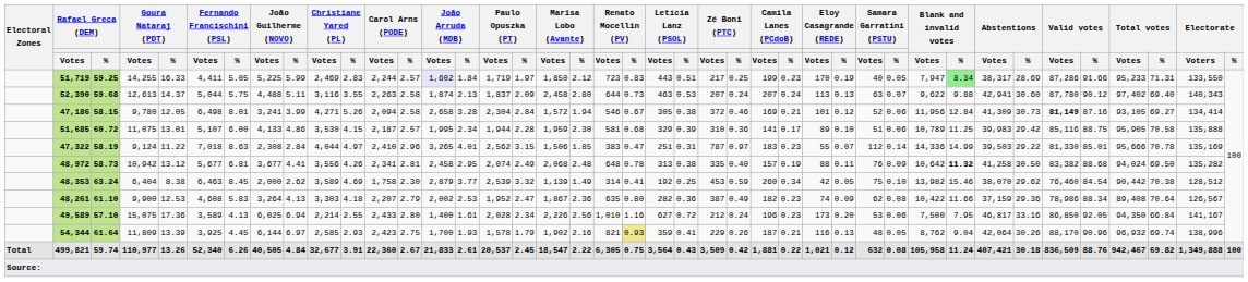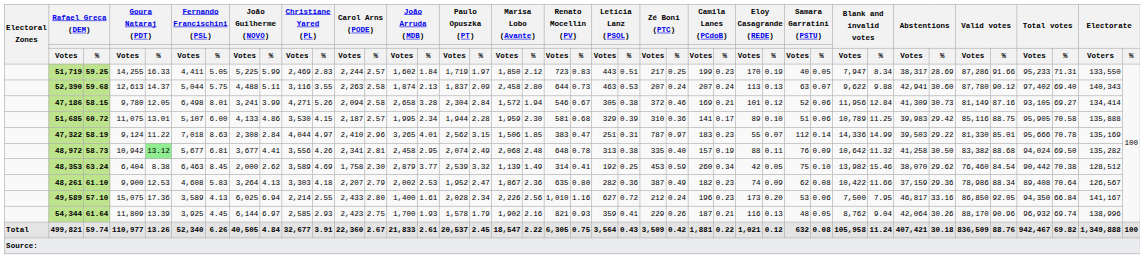 <table class="wikitable sortable collapsible collapsed mw-datatable" style="text-align:right; font-size:95%; line-height:20px">
 <tr>
 <th rowspan="3" width="200">Electoral Zones</th>
 <th colspan="2" width="110"><a href='#'>Rafael Greca</a> <br>(<a href='#'>DEM</a>)</th>
 <th colspan="2" width="110"><a href='#'>Goura Nataraj</a> <br>(<a href='#'>PDT</a>)</th>
 <th colspan="2" width="110"><a href='#'>Fernando Francischini</a> <br>(<a href='#'>PSL</a>)</th>
 <th colspan="2" width="110">João Guilherme <br>(<a href='#'>NOVO</a>)</th>
 <th colspan="2" width="110"><a href='#'>Christiane Yared</a> <br>(<a href='#'>PL</a>)</th>
 <th colspan="2" width="110">Carol Arns <br>(<a href='#'>PODE</a>)</th>
 <th colspan="2" width="110"><a href='#'>João Arruda</a> <br>(<a href='#'>MDB</a>)</th>
 <th colspan="2" width="110">Paulo Opuszka <br>(<a href='#'>PT</a>)</th>
 <th colspan="2" width="110">Marisa Lobo <br>(<a href='#'>Avante</a>)</th>
 <th colspan="2" width="110">Renato Mocellin <br>(<a href='#'>PV</a>)</th>
 <th colspan="2" width="110">Letícia Lanz <br>(<a href='#'>PSOL</a>)</th>
 <th colspan="2" width="110">Zé Boni <br>(<a href='#'>PTC</a>)</th>
 <th colspan="2" width="110">Camila Lanes <br>(<a href='#'>PCdoB</a>)</th>
 <th colspan="2" width="110">Eloy Casagrande <br>(<a href='#'>REDE</a>)</th>
 <th colspan="2" width="110">Samara Garratini <br>(<a href='#'>PSTU</a>)</th>
 <th colspan="2" rowspan="2" width="110">Blank and invalid votes</th>
 <th colspan="2" rowspan="2" width="110">Abstentions</th>
 <th colspan="2" rowspan="2">Valid votes</th>
 <th colspan="2" rowspan="2">Total votes</th>
 <th colspan="2" rowspan="2">Electorate</th>
 </tr>
 <tr>
 <th colspan="2" style="background:"></th>
 <th colspan="2" style="background-color:"></th>
 <th colspan="2" style="background-color:"></th>
 <th colspan="2" style="background-color:"></th>
 <th colspan="2" style="background-color:"></th>
 <th colspan="2" style="background-color:"></th>
 <th colspan="2" style="background-color:"></th>
 <th colspan="2" style="background-color:"></th>
 <th colspan="2" style="background-color:"></th>
 <th colspan="2" style="background-color:"></th>
 <th colspan="2" style="background-color:"></th>
 <th colspan="2" style="background-color:"></th>
 <th colspan="2" style="background-color:"></th>
 <th colspan="2" style="background-color:"></th>
 <th colspan="2" style="background-color:"></th>
 </tr>
 <tr>
 <th>Votes</th>
 <th>%</th>
 <th>Votes</th>
 <th>%</th>
 <th>Votes</th>
 <th>%</th>
 <th>Votes</th>
 <th>%</th>
 <th>Votes</th>
 <th>%</th>
 <th>Votes</th>
 <th>%</th>
 <th>Votes</th>
 <th>%</th>
 <th>Votes</th>
 <th>%</th>
 <th>Votes</th>
 <th>%</th>
 <th>Votes</th>
 <th>%</th>
 <th>Votes</th>
 <th>%</th>
 <th>Votes</th>
 <th>%</th>
 <th>Votes</th>
 <th>%</th>
 <th>Votes</th>
 <th>%</th>
 <th>Votes</th>
 <th>%</th>
 <th>Votes</th>
 <th>%</th>
 <th>Votes</th>
 <th>%</th>
 <th>Votes</th>
 <th>%</th>
 <th>Votes</th>
 <th>%</th>
 <th>Voters</th>
 <th>%</th>
 </tr>
 <tr>
 <td align="left"><strong></strong></td>
 <td style="background:#bee38d;"><strong>51,719</strong></td>
 <td style="background:#bee38d;"><strong>59.25</strong></td>
 <td>14,255</td>
 <td>16.33</td>
 <td>4,411</td>
 <td>5.05</td>
 <td>5,225</td>
 <td>5.99</td>
 <td>2,469</td>
 <td>2.83</td>
 <td>2,244</td>
 <td>2.57</td>
-<td style="background: lavender;">1,602</td>
+<td>1,602</td>
 <td>1.84</td>
 <td>1,719</td>
 <td>1.97</td>
 <td>1,850</td>
 <td>2.12</td>
 <td>723</td>
 <td>0.83</td>
 <td>443</td>
 <td>0.51</td>
 <td>217</td>
 <td>0.25</td>
 <td>199</td>
 <td>0.23</td>
 <td>170</td>
 <td>0.19</td>
 <td>40</td>
 <td>0.05</td>
 <td>7,947</td>
-<td style="background: lightgreen;">8.34</td>
+<td>8.34</td>
 <td>38,317</td>
 <td>28.69</td>
 <td>87,286</td>
 <td>91.66</td>
 <td>95,233</td>
 <td>71.31</td>
 <td>133,550</td>
 <td rowspan="10">100</td>
 </tr>
 <tr>
 <td align="left"><strong></strong></td>
 <td style="background:#bee38d;"><strong>52,390</strong></td>
 <td style="background:#bee38d;"><strong>59.68</strong></td>
 <td>12,613</td>
 <td>14.37</td>
 <td>5,044</td>
 <td>5.75</td>
 <td>4,488</td>
 <td>5.11</td>
 <td>3,116</td>
 <td>3.55</td>
 <td>2,263</td>
 <td>2.58</td>
 <td>1,874</td>
 <td>2.13</td>
 <td>1,837</td>
 <td>2.09</td>
 <td>2,458</td>
 <td>2.80</td>
 <td>644</td>
 <td>0.73</td>
 <td>463</td>
 <td>0.53</td>
 <td>207</td>
 <td>0.24</td>
 <td>207</td>
 <td>0.24</td>
 <td>113</td>
 <td>0.13</td>
 <td>63</td>
 <td>0.07</td>
 <td>9,622</td>
 <td>9.88</td>
 <td>42,941</td>
 <td>30.60</td>
 <td>87,780</td>
 <td>90.12</td>
 <td>97,402</td>
 <td>69.40</td>
 <td>140,343</td>
 </tr>
 <tr>
 <td align="left"><strong></strong></td>
 <td style="background:#bee38d;"><strong>47,186</strong></td>
 <td style="background:#bee38d;"><strong>58.15</strong></td>
 <td>9,780</td>
 <td>12.05</td>
 <td>6,498</td>
 <td>8.01</td>
 <td>3,241</td>
 <td>3.99</td>
 <td>4,271</td>
 <td>5.26</td>
 <td>2,094</td>
 <td>2.58</td>
 <td>2,658</td>
 <td>3.28</td>
 <td>2,304</td>
 <td>2.84</td>
 <td>1,572</td>
 <td>1.94</td>
 <td>546</td>
 <td>0.67</td>
 <td>305</td>
 <td>0.38</td>
 <td>372</td>
 <td>0.46</td>
 <td>169</td>
 <td>0.21</td>
 <td>101</td>
 <td>0.12</td>
 <td>52</td>
 <td>0.06</td>
 <td>11,956</td>
 <td>12.84</td>
 <td>41,309</td>
 <td>30.73</td>
-<td><strong>81,149</strong></td>
+<td>81,149</td>
 <td>87.16</td>
 <td>93,105</td>
 <td>69.27</td>
 <td>134,414</td>
 </tr>
 <tr>
 <td align="left"><strong></strong></td>
 <td style="background:#bee38d;"><strong>51,685</strong></td>
 <td style="background:#bee38d;"><strong>60.72</strong></td>
 <td>11,075</td>
 <td>13.01</td>
 <td>5,107</td>
 <td>6.00</td>
 <td>4,133</td>
 <td>4.86</td>
 <td>3,530</td>
 <td>4.15</td>
 <td>2,187</td>
 <td>2.57</td>
 <td>1,995</td>
 <td>2.34</td>
 <td>1,944</td>
 <td>2.28</td>
 <td>1,959</td>
 <td>2.30</td>
 <td>581</td>
 <td>0.68</td>
 <td>329</td>
 <td>0.39</td>
 <td>310</td>
 <td>0.36</td>
 <td>141</td>
 <td>0.17</td>
 <td>89</td>
 <td>0.10</td>
 <td>51</td>
 <td>0.06</td>
 <td>10,789</td>
 <td>11.25</td>
 <td>39,983</td>
 <td>29.42</td>
 <td>85,116</td>
 <td>88.75</td>
 <td>95,905</td>
 <td>70.58</td>
 <td>135,888</td>
 </tr>
 <tr>
 <td align="left"><strong></strong></td>
 <td style="background:#bee38d;"><strong>47,322</strong></td>
 <td style="background:#bee38d;"><strong>58.19</strong></td>
 <td>9,124</td>
 <td>11.22</td>
 <td>7,018</td>
 <td>8.63</td>
 <td>2,308</td>
 <td>2.84</td>
 <td>4,044</td>
 <td>4.97</td>
 <td>2,410</td>
 <td>2.96</td>
 <td>3,265</td>
 <td>4.01</td>
 <td>2,562</td>
 <td>3.15</td>
 <td>1,506</td>
 <td>1.85</td>
 <td>383</td>
 <td>0.47</td>
 <td>251</td>
 <td>0.31</td>
 <td>787</td>
 <td>0.97</td>
 <td>183</td>
 <td>0.23</td>
 <td>55</td>
 <td>0.07</td>
 <td>112</td>
 <td>0.14</td>
 <td>14,336</td>
 <td>14.99</td>
 <td>39,503</td>
 <td>29.22</td>
 <td>81,330</td>
 <td>85.01</td>
 <td>95,666</td>
 <td>70.78</td>
 <td>135,169</td>
 </tr>
 <tr>
 <td align="left"><strong></strong></td>
 <td style="background:#bee38d;"><strong>48,972</strong></td>
 <td style="background:#bee38d;"><strong>58.73</strong></td>
 <td>10,942</td>
-<td>13.12</td>
+<td style="background: lightgreen;">13.12</td>
 <td>5,677</td>
 <td>6.81</td>
 <td>3,677</td>
 <td>4.41</td>
 <td>3,556</td>
 <td>4.26</td>
 <td>2,341</td>
 <td>2.81</td>
 <td>2,458</td>
 <td>2.95</td>
 <td>2,074</td>
 <td>2.49</td>
 <td>2,068</td>
 <td>2.48</td>
 <td>648</td>
 <td>0.78</td>
 <td>313</td>
 <td>0.38</td>
 <td>335</td>
 <td>0.40</td>
 <td>157</td>
 <td>0.19</td>
 <td>88</td>
 <td>0.11</td>
 <td>76</td>
 <td>0.09</td>
 <td>10,642</td>
-<td><strong>11.32</strong></td>
+<td>11.32</td>
 <td>41,258</td>
 <td>30.50</td>
 <td>83,382</td>
 <td>88.68</td>
 <td>94,024</td>
 <td>69.50</td>
 <td>135,282</td>
 </tr>
 <tr>
 <td align="left"><strong></strong></td>
 <td style="background:#bee38d;"><strong>48,353</strong></td>
 <td style="background:#bee38d;"><strong>63.24</strong></td>
 <td>6,404</td>
 <td>8.38</td>
 <td>6,463</td>
 <td>8.45</td>
 <td>2,000</td>
 <td>2.62</td>
 <td>3,589</td>
 <td>4.69</td>
 <td>1,758</td>
 <td>2.30</td>
 <td>2,879</td>
 <td>3.77</td>
 <td>2,539</td>
 <td>3.32</td>
 <td>1,139</td>
 <td>1.49</td>
 <td>314</td>
 <td>0.41</td>
 <td>192</td>
 <td>0.25</td>
 <td>453</td>
 <td>0.59</td>
 <td>260</td>
 <td>0.34</td>
 <td>42</td>
 <td>0.05</td>
 <td>75</td>
 <td>0.10</td>
 <td>13,982</td>
 <td>15.46</td>
 <td>38,070</td>
 <td>29.62</td>
 <td>76,460</td>
 <td>84.54</td>
 <td>90,442</td>
 <td>70.38</td>
 <td>128,512</td>
 </tr>
 <tr>
 <td align="left"><strong></strong></td>
 <td style="background:#bee38d;"><strong>48,261</strong></td>
 <td style="background:#bee38d;"><strong>61.10</strong></td>
 <td>9,900</td>
 <td>12.53</td>
 <td>4,608</td>
 <td>5.83</td>
 <td>3,264</td>
 <td>4.13</td>
 <td>3,303</td>
 <td>4.18</td>
 <td>2,207</td>
 <td>2.79</td>
 <td>2,002</td>
 <td>2.53</td>
 <td>1,952</td>
 <td>2.47</td>
 <td>1,867</td>
 <td>2.36</td>
 <td>635</td>
 <td>0.80</td>
 <td>282</td>
 <td>0.36</td>
 <td>387</td>
 <td>0.49</td>
 <td>182</td>
 <td>0.23</td>
 <td>74</td>
 <td>0.09</td>
 <td>62</td>
 <td>0.08</td>
 <td>10,422</td>
 <td>11.66</td>
 <td>37,159</td>
 <td>29.36</td>
 <td>78,986</td>
 <td>88.34</td>
 <td>89,408</td>
 <td>70.64</td>
 <td>126,567</td>
 </tr>
 <tr>
 <td align="left"><strong></strong></td>
 <td style="background:#bee38d;"><strong>49,589</strong></td>
 <td style="background:#bee38d;"><strong>57.10</strong></td>
 <td>15,075</td>
 <td>17.36</td>
 <td>3,589</td>
 <td>4.13</td>
 <td>6,025</td>
 <td>6.94</td>
 <td>2,214</td>
 <td>2.55</td>
 <td>2,433</td>
 <td>2.80</td>
 <td>1,400</td>
 <td>1.61</td>
 <td>2,028</td>
 <td>2.34</td>
 <td>2,226</td>
 <td>2.56</td>
 <td>1,010</td>
 <td>1.16</td>
 <td>627</td>
 <td>0.72</td>
 <td>212</td>
 <td>0.24</td>
 <td>196</td>
 <td>0.23</td>
 <td>173</td>
 <td>0.20</td>
 <td>53</td>
 <td>0.06</td>
 <td>7,500</td>
 <td>7.95</td>
 <td>46,817</td>
 <td>33.16</td>
 <td>86,850</td>
 <td>92.05</td>
 <td>94,350</td>
 <td>66.84</td>
 <td>141,167</td>
 </tr>
 <tr>
 <td align="left"><strong></strong></td>
 <td style="background:#bee38d;"><strong>54,344</strong></td>
 <td style="background:#bee38d;"><strong>61.64</strong></td>
 <td>11,809</td>
 <td>13.39</td>
 <td>3,925</td>
 <td>4.45</td>
 <td>6,144</td>
 <td>6.97</td>
 <td>2,585</td>
 <td>2.93</td>
 <td>2,423</td>
 <td>2.75</td>
 <td>1,700</td>
 <td>1.93</td>
 <td>1,578</td>
 <td>1.79</td>
 <td>1,902</td>
 <td>2.16</td>
 <td>821</td>
-<td style="background: khaki;">0.93</td>
+<td>0.93</td>
 <td>359</td>
 <td>0.41</td>
 <td>229</td>
 <td>0.26</td>
 <td>187</td>
 <td>0.21</td>
 <td>116</td>
 <td>0.13</td>
 <td>48</td>
 <td>0.05</td>
 <td>8,762</td>
 <td>9.04</td>
 <td>42,064</td>
 <td>30.26</td>
 <td>88,170</td>
 <td>90.96</td>
 <td>96,932</td>
 <td>69.74</td>
 <td>138,996</td>
 </tr>
 <tr class="sortbottom" style="font-weight:bold; background:#E4E4E4;">
 <td align="left">Total</td>
 <td><strong>499,821</strong></td>
 <td><strong>59.74</strong></td>
 <td><strong>110,977</strong></td>
 <td>13.26</td>
 <td>52,340</td>
 <td>6.26</td>
 <td>40,505</td>
 <td>4.84</td>
 <td>32,677</td>
 <td>3.91</td>
 <td>22,360</td>
 <td>2.67</td>
 <td>21,833</td>
 <td>2.61</td>
 <td>20,537</td>
 <td>2.45</td>
 <td>18,547</td>
 <td>2.22</td>
 <td>6,305</td>
 <td>0.75</td>
 <td>3,564</td>
 <td>0.43</td>
 <td>3,509</td>
 <td>0.42</td>
 <td>1,881</td>
 <td>0.22</td>
 <td>1,021</td>
 <td>0.12</td>
 <td>632</td>
 <td>0.08</td>
 <td>105,958</td>
 <td>11.24</td>
 <td>407,421</td>
 <td>30.18</td>
 <td>836,509</td>
 <td>88.76</td>
 <td>942,467</td>
 <td>69.82</td>
 <td>1,349,888</td>
 <td>100</td>
 </tr>
 <tr class="sortbottom">
 <td colspan="41" style="text-align:left; background-color:#eaecf0"><strong>Source:</strong> </td>
 </tr>
 </table>
